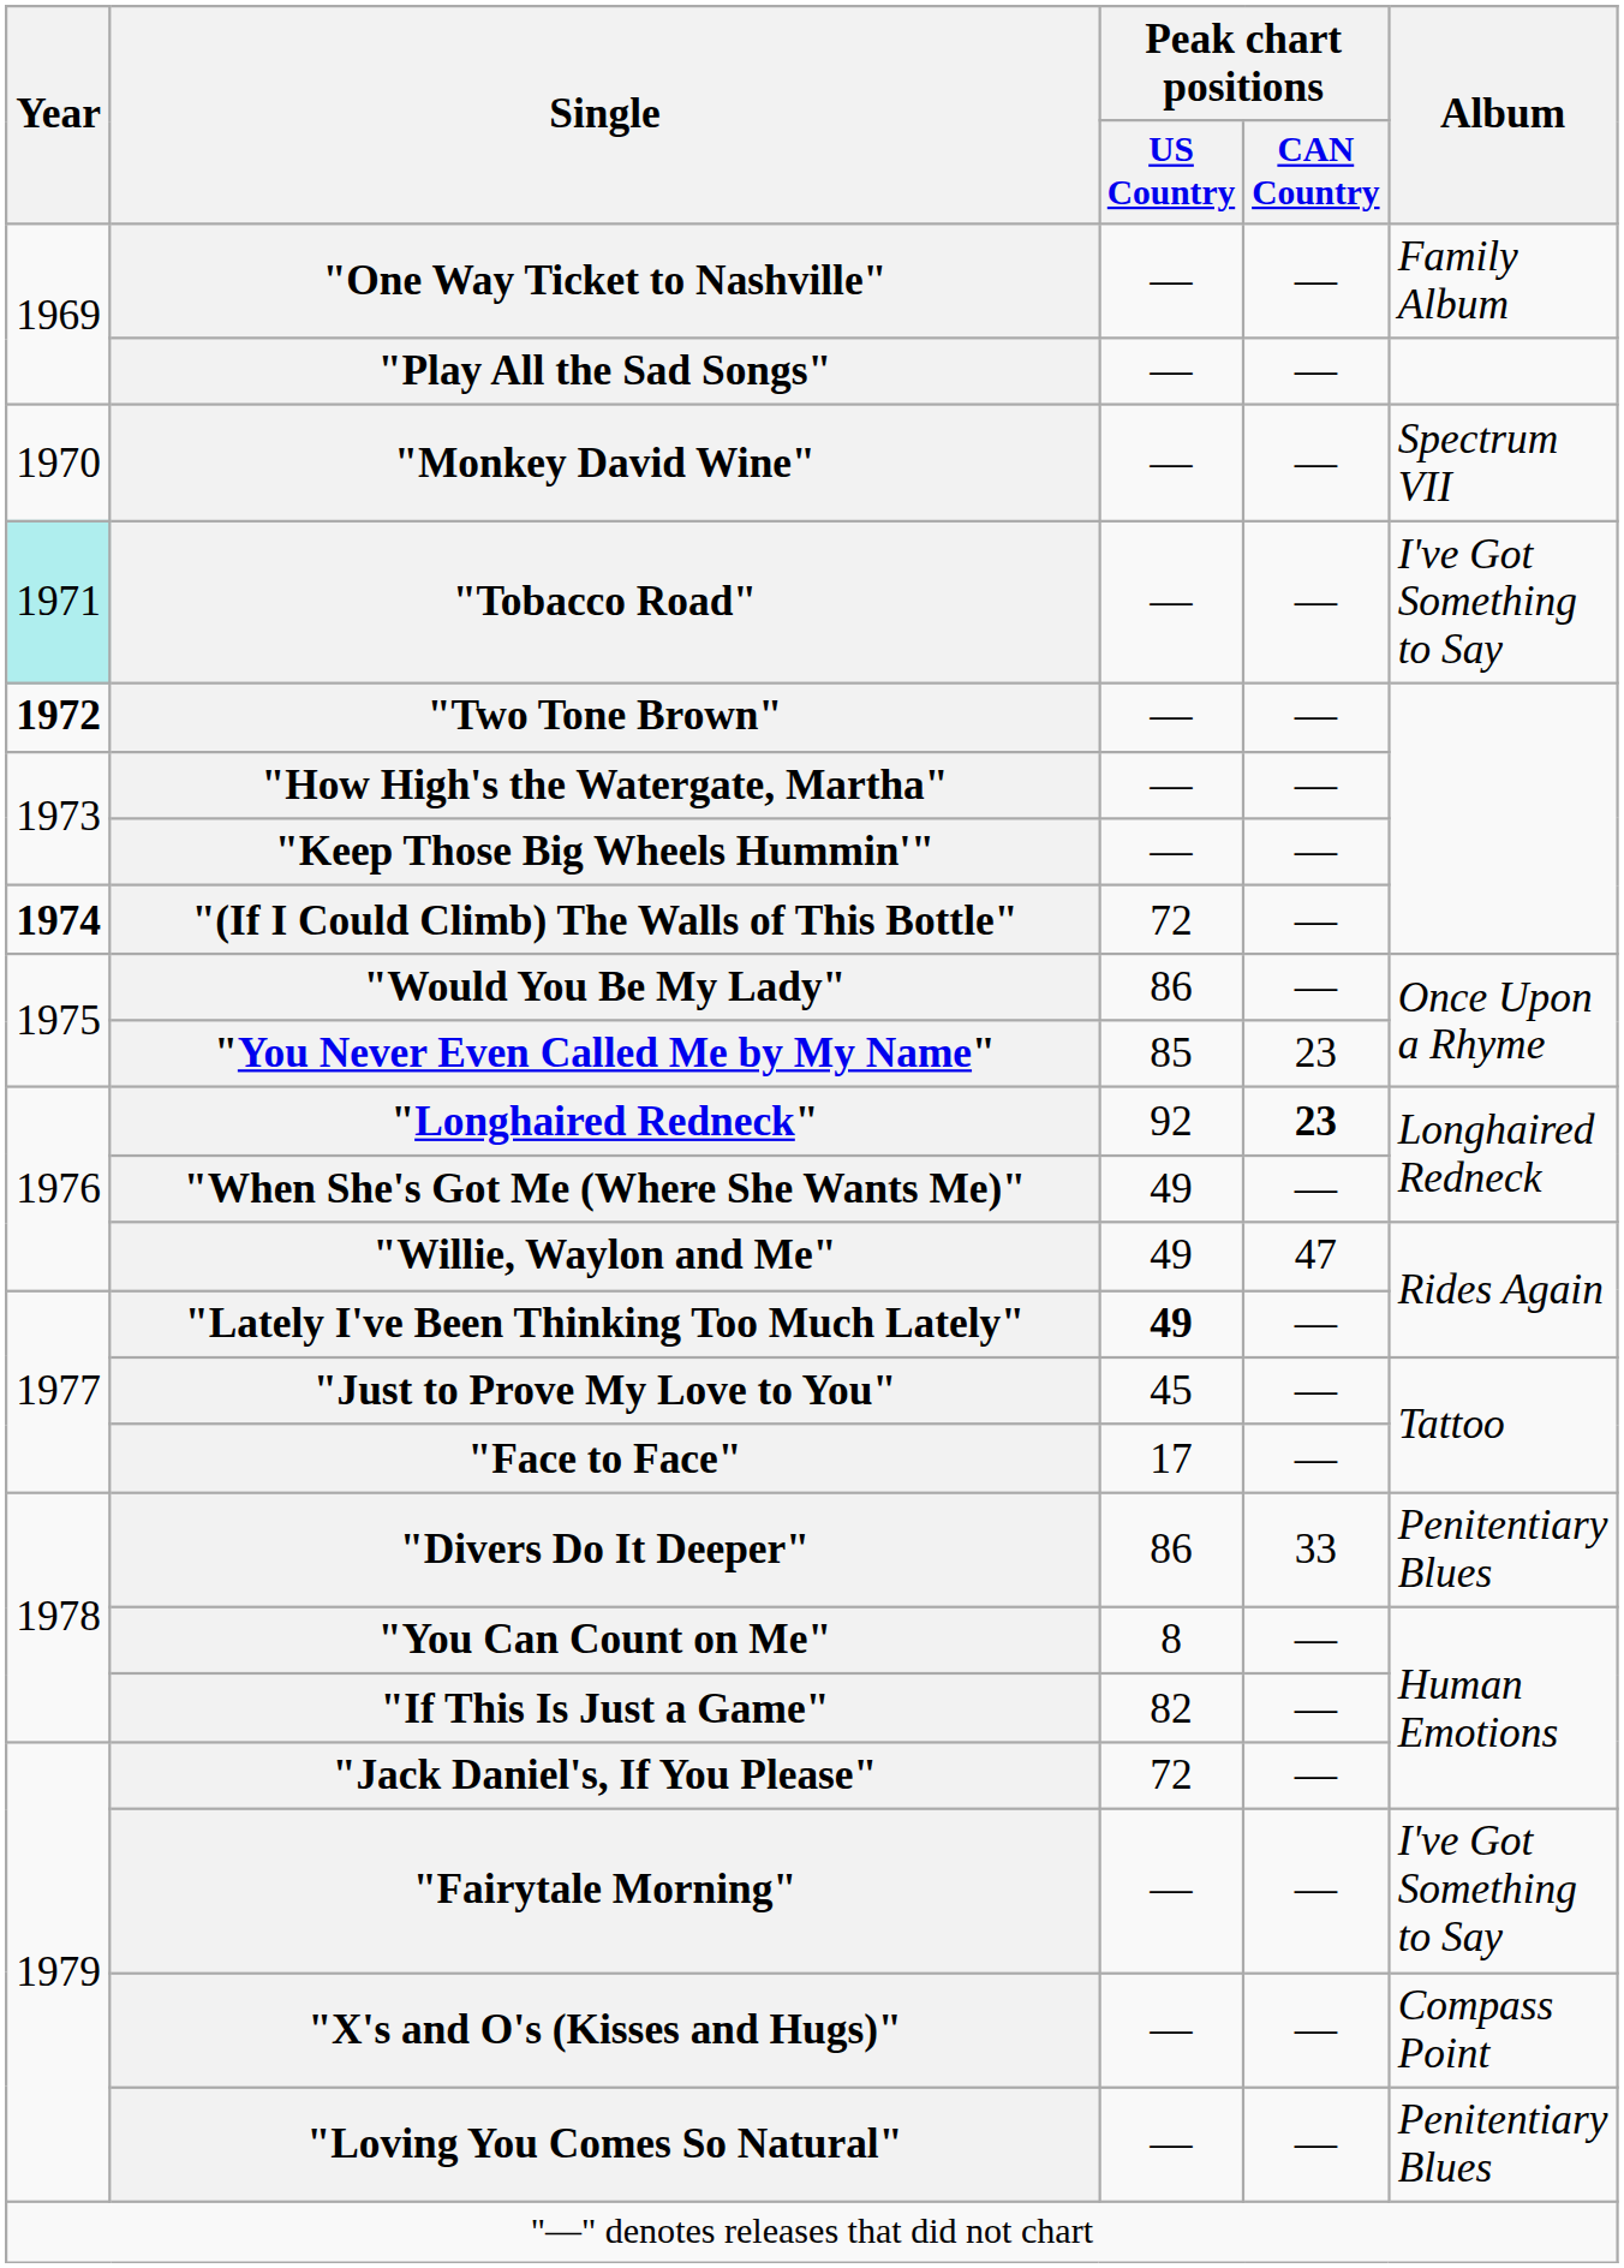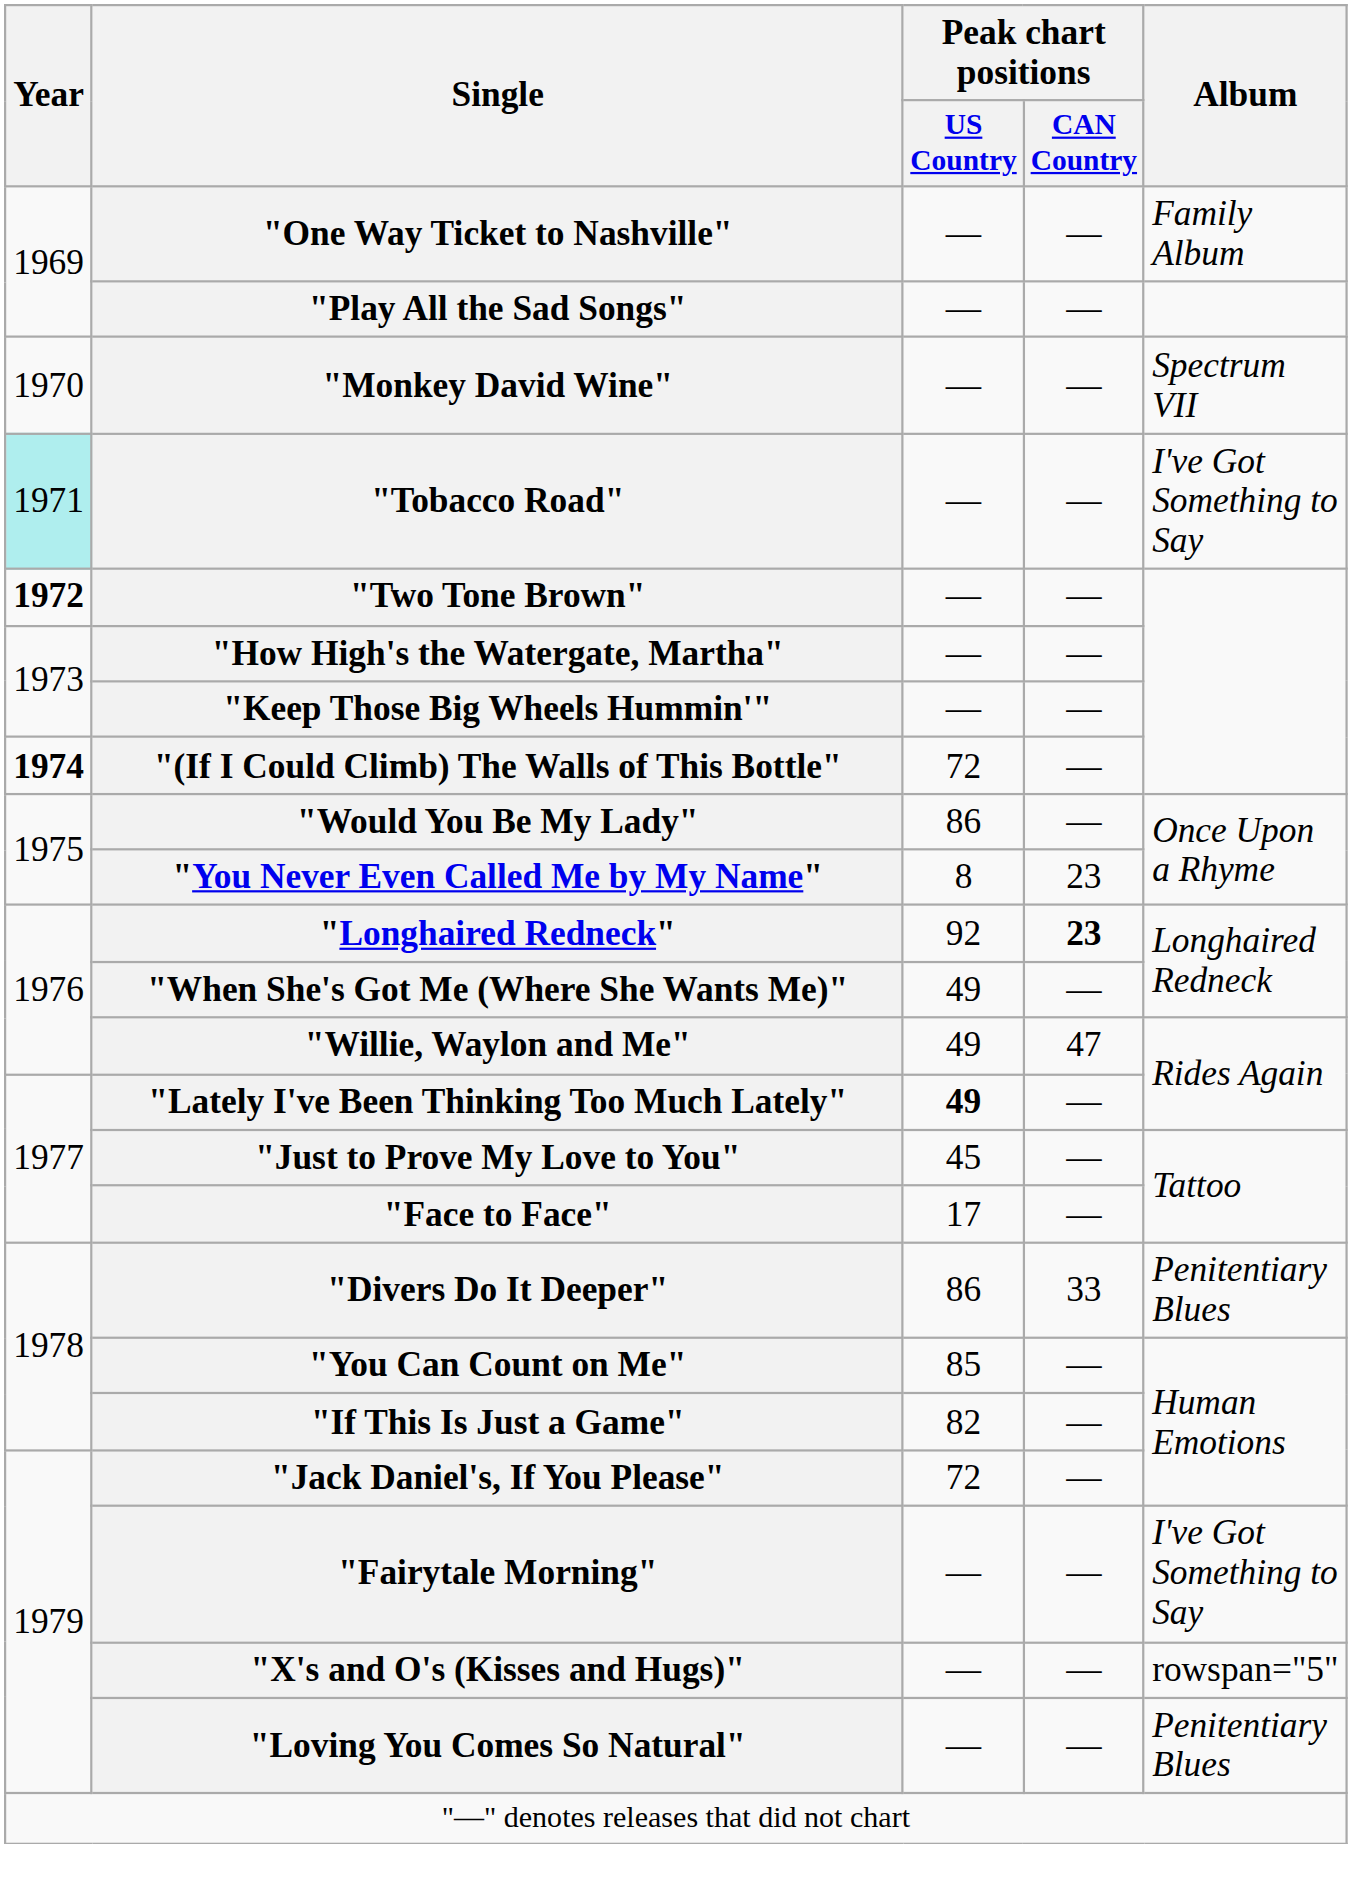 <table class="wikitable plainrowheaders" style="text-align:center;">
 <tr>
 <th rowspan="2">Year</th>
 <th rowspan="2" style="width:26em;">Single</th>
 <th colspan="2">Peak chart<br>positions</th>
 <th rowspan="2">Album</th>
 </tr>
 <tr style="font-size:smaller;">
 <th width="45"><a href='#'>US Country</a></th>
 <th width="45"><a href='#'>CAN Country</a></th>
 </tr>
 <tr>
 <td rowspan="2">1969</td>
 <th scope="row">"One Way Ticket to Nashville"</th>
 <td>—</td>
 <td>—</td>
 <td align="left"><em>Family Album</em></td>
 </tr>
 <tr>
 <th scope="row">"Play All the Sad Songs"</th>
 <td>—</td>
 <td>—</td>
 </tr>
 <tr>
 <td>1970</td>
 <th scope="row">"Monkey David Wine"</th>
 <td>—</td>
 <td>—</td>
 <td align="left"><em>Spectrum VII</em></td>
 </tr>
 <tr>
 <td style="background: paleturquoise;">1971</td>
 <th scope="row">"Tobacco Road"</th>
 <td>—</td>
 <td>—</td>
 <td align="left"><em>I've Got Something to Say</em></td>
 </tr>
 <tr>
 <td><strong>1972</strong></td>
 <th scope="row">"Two Tone Brown"</th>
 <td>—</td>
 <td>—</td>
 </tr>
 <tr>
 <td rowspan="2">1973</td>
 <th scope="row">"How High's the Watergate, Martha"</th>
 <td>—</td>
 <td>—</td>
 </tr>
 <tr>
 <th scope="row">"Keep Those Big Wheels Hummin'"</th>
 <td>—</td>
 <td>—</td>
 </tr>
 <tr>
 <td><strong>1974</strong></td>
 <th scope="row">"(If I Could Climb) The Walls of This Bottle"</th>
 <td>72</td>
 <td>—</td>
 </tr>
 <tr>
 <td rowspan="2">1975</td>
 <th scope="row">"Would You Be My Lady"</th>
 <td>86</td>
 <td>—</td>
 <td align="left" rowspan="2"><em>Once Upon a Rhyme</em></td>
 </tr>
 <tr>
 <th scope="row">"<a href='#'>You Never Even Called Me by My Name</a>"</th>
-<td>85</td>
+<td>8</td>
 <td>23</td>
 </tr>
 <tr>
 <td rowspan="3">1976</td>
 <th scope="row">"<a href='#'>Longhaired Redneck</a>"</th>
 <td>92</td>
 <td><strong>23</strong></td>
 <td align="left" rowspan="2"><em>Longhaired Redneck</em></td>
 </tr>
 <tr>
 <th scope="row">"When She's Got Me (Where She Wants Me)"</th>
 <td>49</td>
 <td>—</td>
 </tr>
 <tr>
 <th scope="row">"Willie, Waylon and Me"</th>
 <td>49</td>
 <td>47</td>
 <td align="left" rowspan="2"><em>Rides Again</em></td>
 </tr>
 <tr>
 <td rowspan="3">1977</td>
 <th scope="row">"Lately I've Been Thinking Too Much Lately"</th>
 <td><strong>49</strong></td>
 <td>—</td>
 </tr>
 <tr>
 <th scope="row">"Just to Prove My Love to You"</th>
 <td>45</td>
 <td>—</td>
 <td align="left" rowspan="2"><em>Tattoo</em></td>
 </tr>
 <tr>
 <th scope="row">"Face to Face"</th>
 <td>17</td>
 <td>—</td>
 </tr>
 <tr>
 <td rowspan="3">1978</td>
 <th scope="row">"Divers Do It Deeper"</th>
 <td>86</td>
 <td>33</td>
 <td align="left"><em>Penitentiary Blues</em></td>
 </tr>
 <tr>
 <th scope="row">"You Can Count on Me"</th>
-<td>8</td>
+<td>85</td>
 <td>—</td>
 <td align="left" rowspan="3"><em>Human Emotions</em></td>
 </tr>
 <tr>
 <th scope="row">"If This Is Just a Game"</th>
 <td>82</td>
 <td>—</td>
 </tr>
 <tr>
 <td rowspan="4">1979</td>
 <th scope="row">"Jack Daniel's, If You Please"</th>
 <td>72</td>
 <td>—</td>
 </tr>
 <tr>
 <th scope="row">"Fairytale Morning"</th>
 <td>—</td>
 <td>—</td>
 <td align="left"><em>I've Got Something to Say</em></td>
 </tr>
 <tr>
 <th scope="row">"X's and O's (Kisses and Hugs)"</th>
 <td>—</td>
 <td>—</td>
-<td align="left"><em>Compass Point</em></td>
+<td>rowspan="5" </td>
 </tr>
 <tr>
 <th scope="row">"Loving You Comes So Natural"</th>
 <td>—</td>
 <td>—</td>
 <td align="left"><em>Penitentiary Blues</em></td>
 </tr>
 <tr>
 <td colspan="5" style="font-size:85%">"—" denotes releases that did not chart</td>
 </tr>
 </table>
